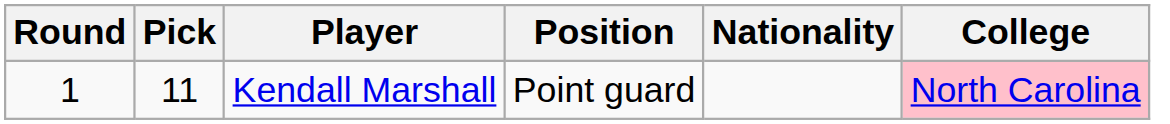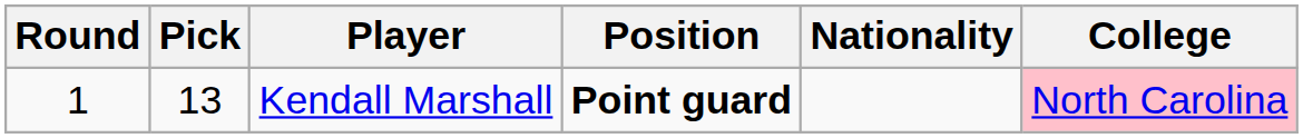 <table class="wikitable sortable sortable">
 <tr>
 <th>Round</th>
 <th>Pick</th>
 <th>Player</th>
 <th>Position</th>
 <th>Nationality</th>
 <th>College</th>
 </tr>
 <tr style="text-align: center">
 <td>1</td>
-<td>11</td>
+<td>13</td>
 <td><a href='#'>Kendall Marshall</a></td>
-<td>Point guard</td>
+<td><strong>Point guard</strong></td>
 <td></td>
 <td style="background: pink;"><a href='#'>North Carolina</a></td>
 </tr>
 </table>
